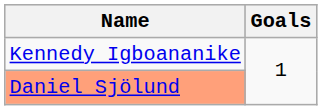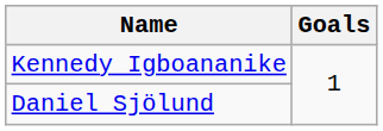 <table class="wikitable">
 <tr>
 <th>Name</th>
 <th>Goals</th>
 </tr>
 <tr>
 <td> <a href='#'>Kennedy Igboananike</a></td>
 <td rowspan="2" align=center>1</td>
 </tr>
 <tr>
-<td style="background: lightsalmon;"> <a href='#'>Daniel Sjölund</a></td>
+<td> <a href='#'>Daniel Sjölund</a></td>
 </tr>
 </table>
